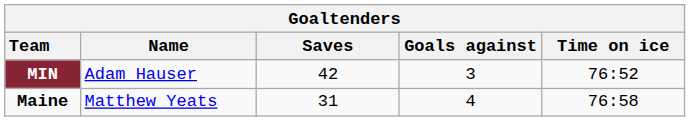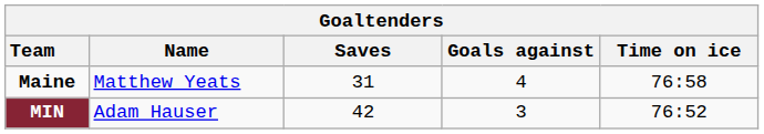 <table class="wikitable" style="width:40em; text-align:right;">
 <tr>
 <th colspan=5>Goaltenders</th>
 </tr>
 <tr>
 <th style="width:4em; text-align:left;">Team</th>
 <th style="width:10em;">Name</th>
 <th style="width:8em;">Saves</th>
 <th style="width:8em;">Goals against</th>
 <th style="width:8em;">Time on ice</th>
 </tr>
 <tr>
+<td align=center><strong>Maine</strong></td>
+<td style="text-align:left;"><a href='#'>Matthew Yeats</a></td>
+<td align=center>31</td>
+<td align=center>4</td>
+<td align=center>76:58</td>
+</tr>
+<tr>
 <td align=center style="color:white; background:#862334; "><strong>MIN</strong></td>
 <td style="text-align:left;"><a href='#'>Adam Hauser</a></td>
 <td align=center>42</td>
 <td align=center>3</td>
 <td align=center>76:52</td>
 </tr>
-<tr>
-<td align=center><strong>Maine</strong></td>
-<td style="text-align:left;"><a href='#'>Matthew Yeats</a></td>
-<td align=center>31</td>
-<td align=center>4</td>
-<td align=center>76:58</td>
-</tr>
 </table>
